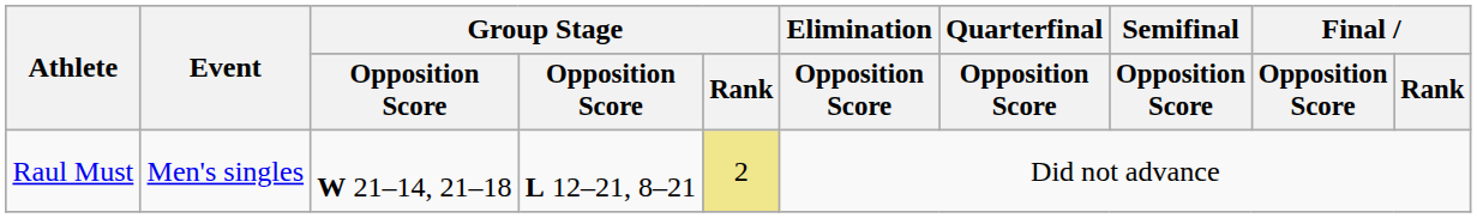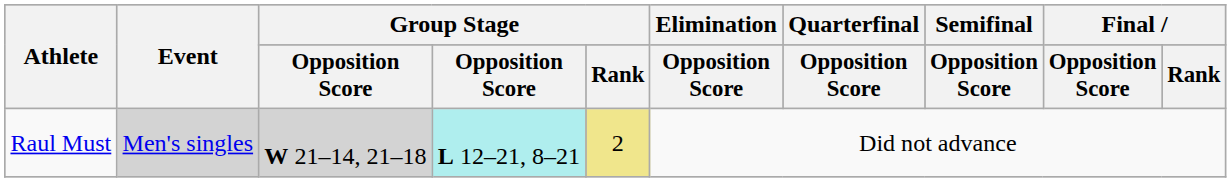 <table class="wikitable" style="font-size:90%">
 <tr>
 <th rowspan=2>Athlete</th>
 <th rowspan=2>Event</th>
 <th colspan=3>Group Stage</th>
 <th>Elimination</th>
 <th>Quarterfinal</th>
 <th>Semifinal</th>
 <th colspan=2>Final / </th>
 </tr>
 <tr style="font-size:95%">
 <th>Opposition<br>Score</th>
 <th>Opposition<br>Score</th>
 <th>Rank</th>
 <th>Opposition<br>Score</th>
 <th>Opposition<br>Score</th>
 <th>Opposition<br>Score</th>
 <th>Opposition<br>Score</th>
 <th>Rank</th>
 </tr>
 <tr align=center>
 <td align=left><a href='#'>Raul Must</a></td>
-<td align=left><a href='#'>Men's singles</a></td>
-<td><br><strong>W</strong> 21–14, 21–18</td>
-<td><br><strong>L</strong> 12–21, 8–21</td>
+<td align=left style="background: lightgrey;"><a href='#'>Men's singles</a></td>
+<td style="background: lightgrey;"><br><strong>W</strong> 21–14, 21–18</td>
+<td style="background: paleturquoise;"><br><strong>L</strong> 12–21, 8–21</td>
 <td style="background: khaki;">2</td>
 <td colspan=5>Did not advance</td>
 </tr>
 </table>
